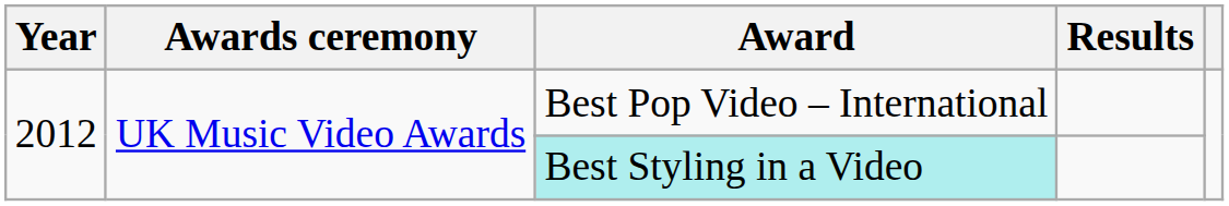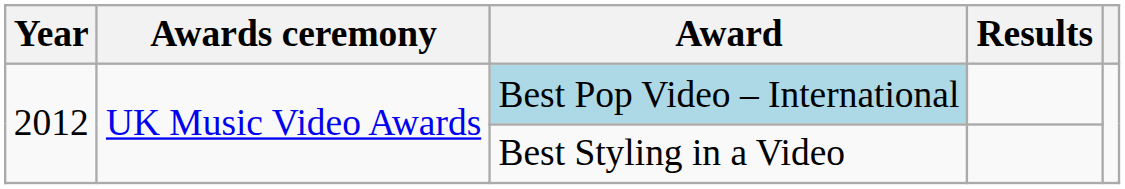 <table class="wikitable">
 <tr>
 <th>Year</th>
 <th>Awards ceremony</th>
 <th>Award</th>
 <th>Results</th>
 <th></th>
 </tr>
 <tr>
 <td rowspan="2">2012</td>
 <td rowspan="2"><a href='#'>UK Music Video Awards</a></td>
-<td>Best Pop Video – International</td>
+<td style="background: lightblue;">Best Pop Video – International</td>
 <td></td>
 <td rowspan="2"></td>
 </tr>
 <tr>
-<td style="background: paleturquoise;">Best Styling in a Video</td>
+<td>Best Styling in a Video</td>
 <td></td>
 </tr>
 </table>
